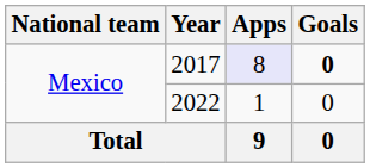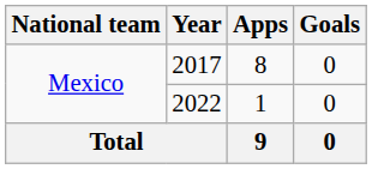 <table class="wikitable" style="text-align: center;">
 <tr>
 <th>National team</th>
 <th>Year</th>
 <th>Apps</th>
 <th>Goals</th>
 </tr>
 <tr>
 <td rowspan="2" valign="center"><a href='#'>Mexico</a></td>
 <td>2017</td>
-<td style="background: lavender;">8</td>
-<td><strong>0</strong></td>
+<td>8</td>
+<td>0</td>
 </tr>
 <tr>
 <td>2022</td>
 <td>1</td>
 <td>0</td>
 </tr>
 <tr>
 <th colspan="2">Total</th>
 <th>9</th>
 <th>0</th>
 </tr>
 </table>
